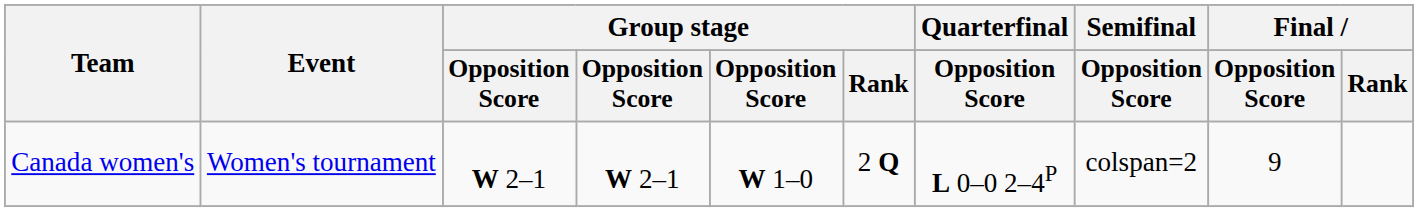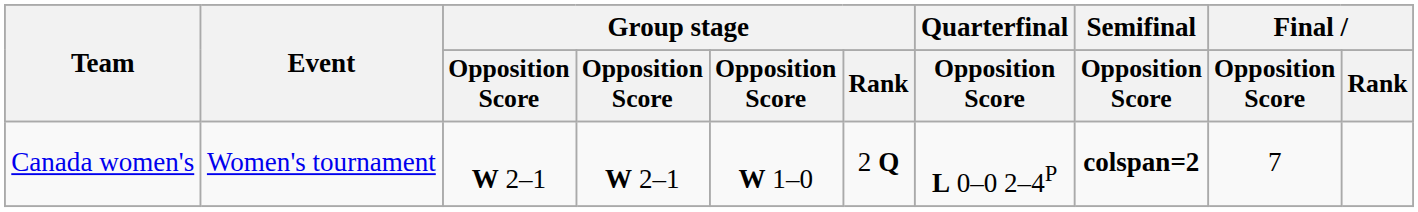 <table class=wikitable style=font-size:90%;text-align:center>
 <tr>
 <th rowspan=2>Team</th>
 <th rowspan=2>Event</th>
 <th colspan=4>Group stage</th>
 <th>Quarterfinal</th>
 <th>Semifinal</th>
 <th colspan=2>Final / </th>
 </tr>
 <tr style=font-size:95%>
 <th>Opposition<br>Score</th>
 <th>Opposition<br>Score</th>
 <th>Opposition<br>Score</th>
 <th>Rank</th>
 <th>Opposition<br>Score</th>
 <th>Opposition<br>Score</th>
 <th>Opposition<br>Score</th>
 <th>Rank</th>
 </tr>
 <tr>
 <td align=left><a href='#'>Canada women's</a></td>
 <td align=left><a href='#'>Women's tournament</a></td>
 <td><br><strong>W</strong> 2–1</td>
 <td><br><strong>W</strong> 2–1</td>
 <td><br><strong>W</strong> 1–0</td>
 <td>2 <strong>Q</strong></td>
 <td><br><strong>L</strong> 0–0  2–4<sup>P</sup></td>
-<td>colspan=2 </td>
-<td>9</td>
+<td><strong>colspan=2 </strong></td>
+<td>7</td>
 </tr>
 </table>
